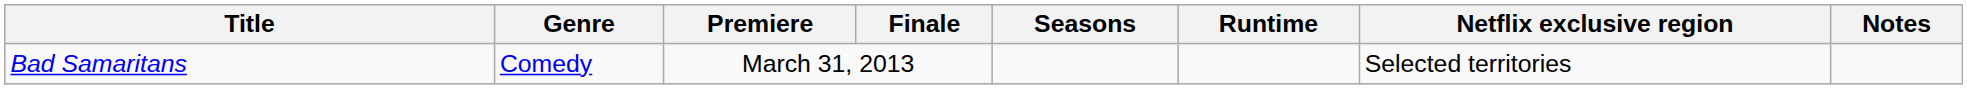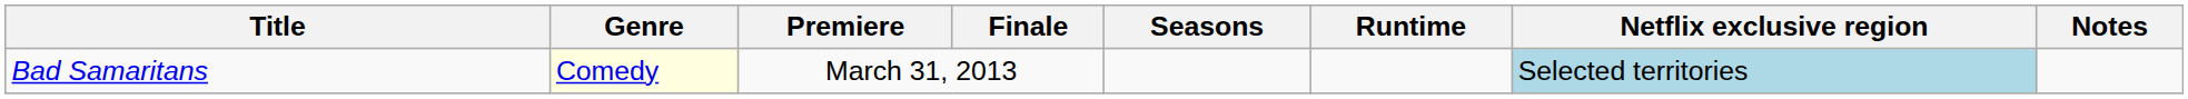 <table class="wikitable sortable" style="width:100%;">
 <tr>
 <th scope="col" style="width:25%;">Title</th>
 <th>Genre</th>
 <th>Premiere</th>
 <th>Finale</th>
 <th>Seasons</th>
 <th>Runtime</th>
 <th>Netflix exclusive region</th>
 <th>Notes</th>
 </tr>
 <tr>
 <td><em><a href='#'>Bad Samaritans</a></em></td>
-<td><a href='#'>Comedy</a></td>
+<td style="background: lightyellow;"><a href='#'>Comedy</a></td>
 <td colspan="2" style="text-align:center">March 31, 2013</td>
 <td></td>
 <td></td>
-<td>Selected territories</td>
+<td style="background: lightblue;">Selected territories</td>
 <td></td>
 </tr>
 </table>
